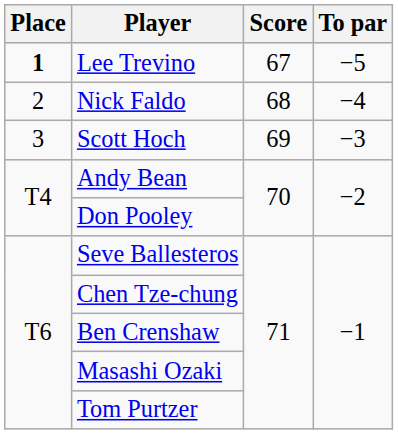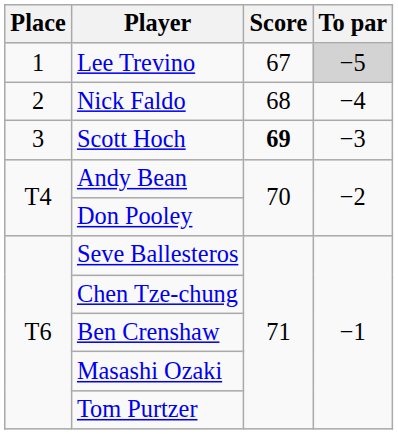 <table class="wikitable">
 <tr>
 <th>Place</th>
 <th>Player</th>
 <th>Score</th>
 <th>To par</th>
 </tr>
 <tr>
-<td align=center><strong>1</strong></td>
+<td align=center>1</td>
 <td> <a href='#'>Lee Trevino</a></td>
 <td align=center>67</td>
-<td align=center>−5</td>
+<td align=center style="background: lightgrey;">−5</td>
 </tr>
 <tr>
 <td align=center>2</td>
 <td> <a href='#'>Nick Faldo</a></td>
 <td align=center>68</td>
 <td align=center>−4</td>
 </tr>
 <tr>
 <td align=center>3</td>
 <td> <a href='#'>Scott Hoch</a></td>
-<td align=center>69</td>
+<td align=center><strong>69</strong></td>
 <td align=center>−3</td>
 </tr>
 <tr>
 <td align=center rowspan=2>T4</td>
 <td> <a href='#'>Andy Bean</a></td>
 <td align=center rowspan=2>70</td>
 <td align=center rowspan=2>−2</td>
 </tr>
 <tr>
 <td> <a href='#'>Don Pooley</a></td>
 </tr>
 <tr>
 <td align=center rowspan=5>T6</td>
 <td> <a href='#'>Seve Ballesteros</a></td>
 <td align=center rowspan=5>71</td>
 <td align=center rowspan=5>−1</td>
 </tr>
 <tr>
 <td> <a href='#'>Chen Tze-chung</a></td>
 </tr>
 <tr>
 <td> <a href='#'>Ben Crenshaw</a></td>
 </tr>
 <tr>
 <td> <a href='#'>Masashi Ozaki</a></td>
 </tr>
 <tr>
 <td> <a href='#'>Tom Purtzer</a></td>
 </tr>
 </table>
